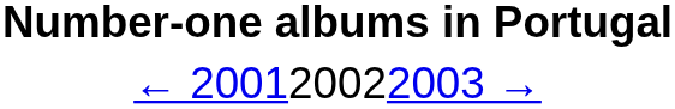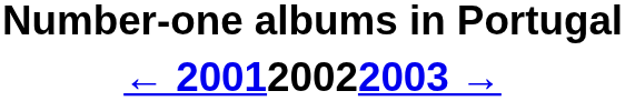 <table class="toc" id="toc" summary="Contents">
 <tr>
 <th>Number-one albums in Portugal</th>
 </tr>
 <tr>
-<td align="center"><a href='#'>← 2001</a>2002<a href='#'>2003 →</a></td>
+<td align="center"><strong><a href='#'>← 2001</a>2002<a href='#'>2003 →</a></strong></td>
 </tr>
 </table>
